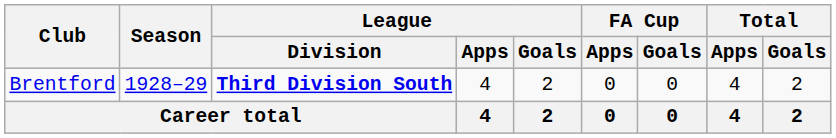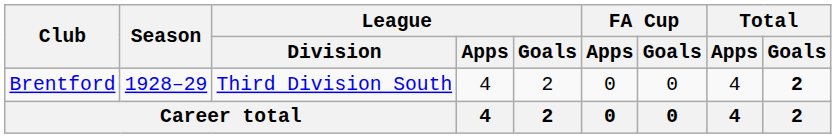 <table class="wikitable" style="text-align: center;">
 <tr>
 <th rowspan="2">Club</th>
 <th rowspan="2">Season</th>
 <th colspan="3">League</th>
 <th colspan="2">FA Cup</th>
 <th colspan="2">Total</th>
 </tr>
 <tr>
 <th>Division</th>
 <th>Apps</th>
 <th>Goals</th>
 <th>Apps</th>
 <th>Goals</th>
 <th>Apps</th>
 <th>Goals</th>
 </tr>
 <tr>
 <td><a href='#'>Brentford</a></td>
 <td><a href='#'>1928–29</a></td>
-<td><strong><a href='#'>Third Division South</a></strong></td>
+<td><a href='#'>Third Division South</a></td>
 <td>4</td>
 <td>2</td>
 <td>0</td>
 <td>0</td>
 <td>4</td>
-<td>2</td>
+<td><strong>2</strong></td>
 </tr>
 <tr>
 <th colspan="3">Career total</th>
 <th>4</th>
 <th>2</th>
 <th>0</th>
 <th>0</th>
 <th>4</th>
 <th>2</th>
 </tr>
 </table>
